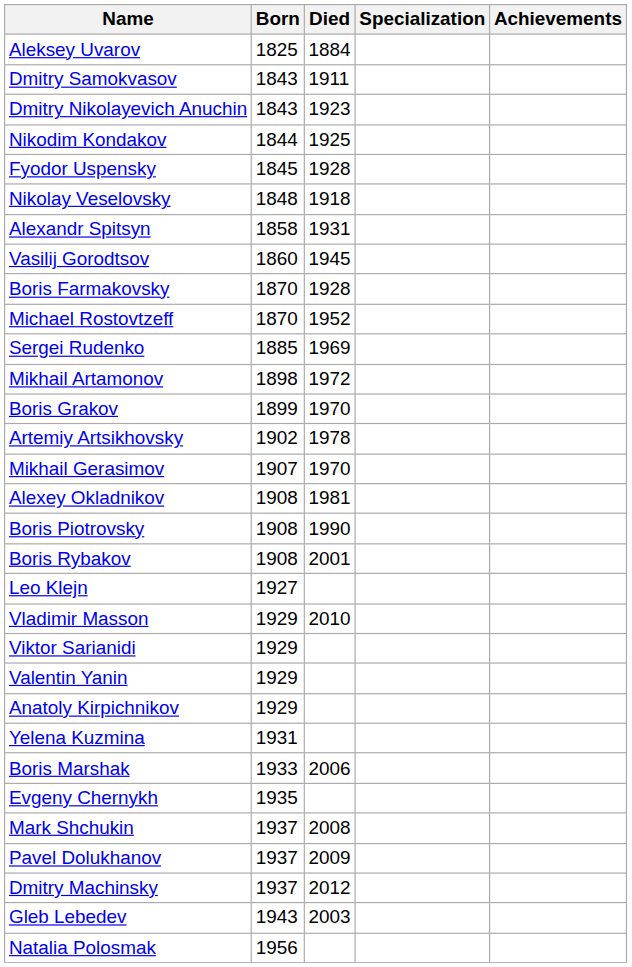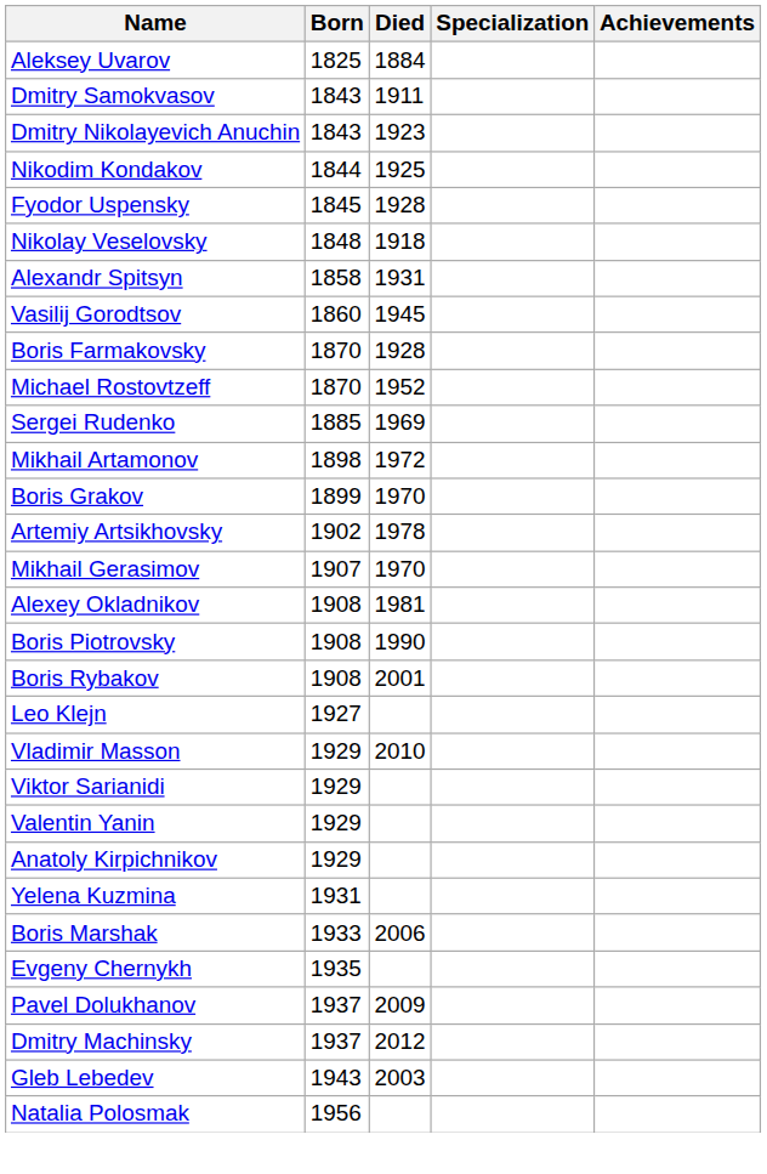 <table class="sortable wikitable" style="background:white; text-align:left; font-size">
 <tr>
 <th>Name</th>
 <th>Born</th>
 <th>Died</th>
 <th>Specialization</th>
 <th>Achievements</th>
 </tr>
 <tr>
 <td><a href='#'>Aleksey Uvarov</a></td>
 <td>1825</td>
 <td>1884</td>
 <td></td>
 <td></td>
 </tr>
 <tr>
 <td><a href='#'>Dmitry Samokvasov</a></td>
 <td>1843</td>
 <td>1911</td>
 <td></td>
 <td></td>
 </tr>
 <tr>
 <td><a href='#'>Dmitry Nikolayevich Anuchin</a></td>
 <td>1843</td>
 <td>1923</td>
 <td></td>
 <td></td>
 </tr>
 <tr>
 <td><a href='#'>Nikodim Kondakov</a></td>
 <td>1844</td>
 <td>1925</td>
 <td></td>
 <td></td>
 </tr>
 <tr>
 <td><a href='#'>Fyodor Uspensky</a></td>
 <td>1845</td>
 <td>1928</td>
 <td></td>
 <td></td>
 </tr>
 <tr>
 <td><a href='#'>Nikolay Veselovsky</a></td>
 <td>1848</td>
 <td>1918</td>
 <td></td>
 <td></td>
 </tr>
 <tr>
 <td><a href='#'>Alexandr Spitsyn</a></td>
 <td>1858</td>
 <td>1931</td>
 <td></td>
 <td></td>
 </tr>
 <tr>
 <td><a href='#'>Vasilij Gorodtsov</a></td>
 <td>1860</td>
 <td>1945</td>
 <td></td>
 <td></td>
 </tr>
 <tr>
 <td><a href='#'>Boris Farmakovsky</a></td>
 <td>1870</td>
 <td>1928</td>
 <td></td>
 <td></td>
 </tr>
 <tr>
 <td><a href='#'>Michael Rostovtzeff</a></td>
 <td>1870</td>
 <td>1952</td>
 <td></td>
 <td></td>
 </tr>
 <tr>
 <td><a href='#'>Sergei Rudenko</a></td>
 <td>1885</td>
 <td>1969</td>
 <td></td>
 <td></td>
 </tr>
 <tr>
 <td><a href='#'>Mikhail Artamonov</a></td>
 <td>1898</td>
 <td>1972</td>
 <td></td>
 <td></td>
 </tr>
 <tr>
 <td><a href='#'>Boris Grakov</a></td>
 <td>1899</td>
 <td>1970</td>
 <td></td>
 <td></td>
 </tr>
 <tr>
 <td><a href='#'>Artemiy Artsikhovsky</a></td>
 <td>1902</td>
 <td>1978</td>
 <td></td>
 <td></td>
 </tr>
 <tr>
 <td><a href='#'>Mikhail Gerasimov</a></td>
 <td>1907</td>
 <td>1970</td>
 <td></td>
 <td></td>
 </tr>
 <tr>
 <td><a href='#'>Alexey Okladnikov</a></td>
 <td>1908</td>
 <td>1981</td>
 <td></td>
 <td></td>
 </tr>
 <tr>
 <td><a href='#'>Boris Piotrovsky</a></td>
 <td>1908</td>
 <td>1990</td>
 <td></td>
 <td></td>
 </tr>
 <tr>
 <td><a href='#'>Boris Rybakov</a></td>
 <td>1908</td>
 <td>2001</td>
 <td></td>
 <td></td>
 </tr>
 <tr>
 <td><a href='#'>Leo Klejn</a></td>
 <td>1927</td>
 <td></td>
 <td></td>
 </tr>
 <tr>
 <td><a href='#'>Vladimir Masson</a></td>
 <td>1929</td>
 <td>2010</td>
 <td></td>
 <td></td>
 </tr>
 <tr>
 <td><a href='#'>Viktor Sarianidi</a></td>
 <td>1929</td>
 <td></td>
 <td></td>
 <td></td>
 </tr>
 <tr>
 <td><a href='#'>Valentin Yanin</a></td>
 <td>1929</td>
 <td></td>
 <td></td>
 <td></td>
 </tr>
 <tr>
 <td><a href='#'>Anatoly Kirpichnikov</a></td>
 <td>1929</td>
 <td></td>
 <td></td>
 <td></td>
 </tr>
 <tr>
 <td><a href='#'>Yelena Kuzmina</a></td>
 <td>1931</td>
 <td></td>
 <td></td>
 </tr>
 <tr>
 <td><a href='#'>Boris Marshak</a></td>
 <td>1933</td>
 <td>2006</td>
 <td></td>
 <td></td>
 </tr>
 <tr>
 <td><a href='#'>Evgeny Chernykh</a></td>
 <td>1935</td>
 <td></td>
 <td></td>
 <td></td>
 </tr>
 <tr>
-<td><a href='#'>Mark Shchukin</a></td>
-<td>1937</td>
-<td>2008</td>
-<td></td>
-<td></td>
-</tr>
-<tr>
 <td><a href='#'>Pavel Dolukhanov</a></td>
 <td>1937</td>
 <td>2009</td>
 <td></td>
 <td></td>
 </tr>
 <tr>
 <td><a href='#'>Dmitry Machinsky</a></td>
 <td>1937</td>
 <td>2012</td>
 <td></td>
 <td></td>
 </tr>
 <tr>
 <td><a href='#'>Gleb Lebedev</a></td>
 <td>1943</td>
 <td>2003</td>
 <td></td>
 <td></td>
 </tr>
 <tr>
 <td><a href='#'>Natalia Polosmak</a></td>
 <td>1956</td>
 <td></td>
 <td></td>
 </tr>
 </table>
